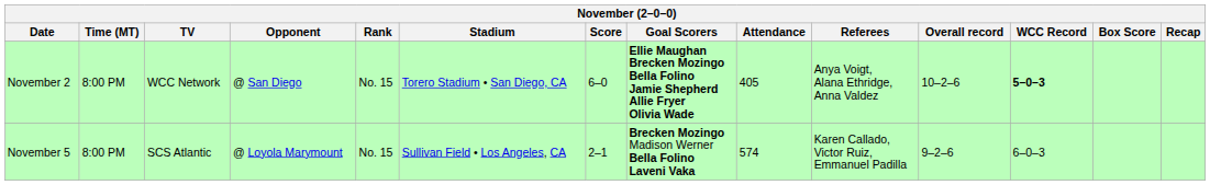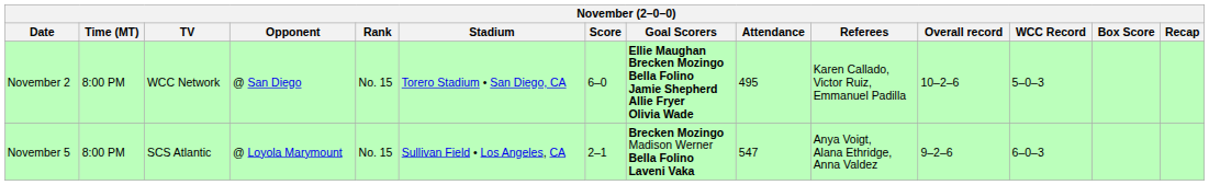 <table class="wikitable collapsible collapsed" style="margin:auto; font-size:95%; width:100%">
 <tr>
 <th colspan=14 style="padding-left:4em;">November (2–0–0)</th>
 </tr>
 <tr>
 <th>Date</th>
 <th>Time (MT)</th>
 <th>TV</th>
 <th>Opponent</th>
 <th>Rank</th>
 <th>Stadium</th>
 <th>Score</th>
 <th>Goal Scorers</th>
 <th>Attendance</th>
 <th>Referees</th>
 <th>Overall record</th>
 <th>WCC Record</th>
 <th>Box Score</th>
 <th>Recap</th>
 </tr>
 <tr bgcolor=bbffbb>
 <td>November 2</td>
 <td>8:00 PM</td>
 <td>WCC Network</td>
 <td>@ <a href='#'>San Diego</a></td>
 <td>No. 15</td>
 <td><a href='#'>Torero Stadium</a> • <a href='#'>San Diego, CA</a></td>
 <td>6–0</td>
 <td><strong>Ellie Maughan</strong>  <br> <strong>Brecken Mozingo</strong>  <br> <strong>Bella Folino</strong>  <br> <strong>Jamie Shepherd</strong>  <br> <strong>Allie Fryer</strong>  <br> <strong>Olivia Wade</strong> </td>
-<td>405</td>
-<td>Anya Voigt, <br> Alana Ethridge, <br> Anna Valdez</td>
+<td>495</td>
+<td>Karen Callado, <br> Victor Ruiz, <br> Emmanuel Padilla</td>
 <td>10–2–6</td>
-<td><strong>5–0–3</strong></td>
+<td>5–0–3</td>
 <td></td>
 <td></td>
 </tr>
 <tr bgcolor=bbffbb>
 <td>November 5</td>
 <td>8:00 PM</td>
 <td>SCS Atlantic</td>
 <td>@ <a href='#'>Loyola Marymount</a></td>
 <td>No. 15</td>
 <td><a href='#'>Sullivan Field</a> • <a href='#'>Los Angeles</a>, <a href='#'>CA</a></td>
 <td>2–1</td>
 <td><strong>Brecken Mozingo</strong>  <br>  Madison Werner <br> <strong>Bella Folino</strong>  <br> <strong>Laveni Vaka</strong> </td>
-<td>574</td>
-<td>Karen Callado, <br> Victor Ruiz, <br> Emmanuel Padilla</td>
+<td>547</td>
+<td>Anya Voigt, <br> Alana Ethridge, <br> Anna Valdez</td>
 <td>9–2–6</td>
 <td>6–0–3</td>
 <td></td>
 <td></td>
 </tr>
 </table>
